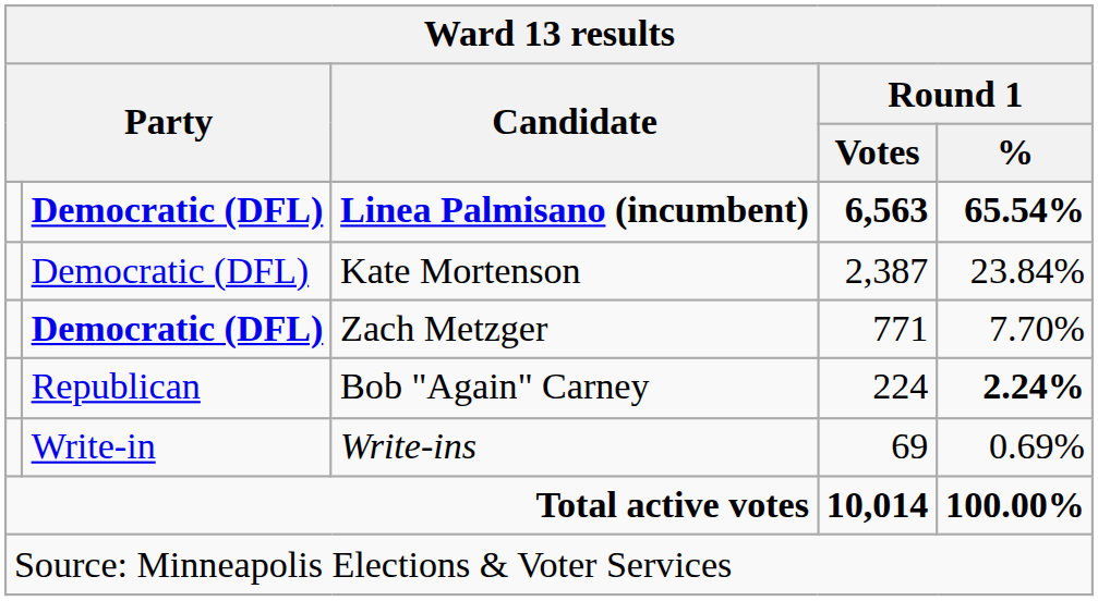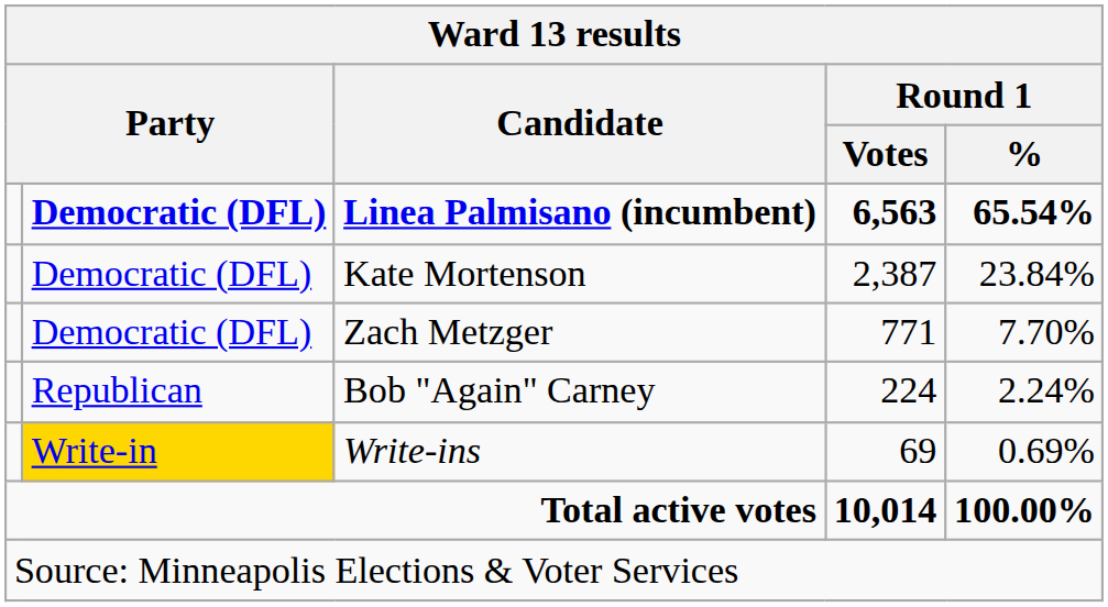 <table class="wikitable">
 <tr>
 <th colspan="5">Ward 13 results</th>
 </tr>
 <tr>
 <th rowspan="2" colspan="2">Party</th>
 <th rowspan="2">Candidate</th>
 <th colspan="2">Round 1</th>
 </tr>
 <tr>
 <th>Votes</th>
 <th>%</th>
 </tr>
 <tr>
 <td style="background-color:"></td>
 <td><strong><a href='#'>Democratic (DFL)</a></strong></td>
 <td><strong><a href='#'>Linea Palmisano</a> (incumbent)</strong></td>
 <td align="right"><strong>6,563</strong></td>
 <td align="right"><strong>65.54%</strong></td>
 </tr>
 <tr>
 <td style="background-color:"></td>
 <td><a href='#'>Democratic (DFL)</a></td>
 <td>Kate Mortenson</td>
 <td align="right">2,387</td>
 <td align="right">23.84%</td>
 </tr>
 <tr>
 <td style="background-color:"></td>
-<td><strong><a href='#'>Democratic (DFL)</a></strong></td>
+<td><a href='#'>Democratic (DFL)</a></td>
 <td>Zach Metzger</td>
 <td align="right">771</td>
 <td align="right">7.70%</td>
 </tr>
 <tr>
 <td style="background-color:"></td>
 <td><a href='#'>Republican</a></td>
 <td>Bob "Again" Carney</td>
 <td align="right">224</td>
-<td align="right"><strong>2.24%</strong></td>
+<td align="right">2.24%</td>
 </tr>
 <tr>
 <td style="background-color:"></td>
-<td><a href='#'>Write-in</a></td>
+<td style="background: gold;"><a href='#'>Write-in</a></td>
 <td><em>Write-ins</em></td>
 <td align="right">69</td>
 <td align="right">0.69%</td>
 </tr>
 <tr align="right">
 <td colspan="3"><strong>Total active votes</strong></td>
 <td><strong>10,014</strong></td>
 <td><strong>100.00%</strong></td>
 </tr>
 <tr>
 <td colspan="7">Source: Minneapolis Elections & Voter Services</td>
 </tr>
 </table>
